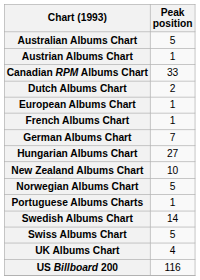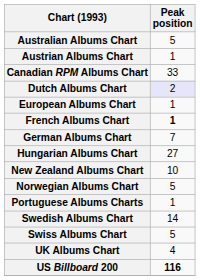 <table class="wikitable plainrowheaders sortable" style="text-align:center;" border="1">
 <tr>
 <th scope="col">Chart (1993)</th>
 <th scope="col">Peak<br>position</th>
 </tr>
 <tr>
 <th scope="row">Australian Albums Chart</th>
 <td>5</td>
 </tr>
 <tr>
 <th scope="row">Austrian Albums Chart</th>
 <td>1</td>
 </tr>
 <tr>
 <th scope="row">Canadian <em>RPM</em> Albums Chart</th>
 <td>33</td>
 </tr>
 <tr>
 <th scope="row">Dutch Albums Chart</th>
-<td>2</td>
+<td style="background: lavender;">2</td>
 </tr>
 <tr>
 <th scope="row">European Albums Chart</th>
 <td>1</td>
 </tr>
 <tr>
 <th scope="row">French Albums Chart</th>
-<td>1</td>
+<td><strong>1</strong></td>
 </tr>
 <tr>
 <th scope="row">German Albums Chart</th>
 <td>7</td>
 </tr>
 <tr>
 <th scope="row">Hungarian Albums Chart</th>
 <td>27</td>
 </tr>
 <tr>
 <th scope="row">New Zealand Albums Chart</th>
 <td>10</td>
 </tr>
 <tr>
 <th scope="row">Norwegian Albums Chart</th>
 <td>5</td>
 </tr>
 <tr>
 <th scope="row">Portuguese Albums Charts</th>
 <td style="text-align:center;">1</td>
 </tr>
 <tr>
 <th scope="row">Swedish Albums Chart</th>
 <td>14</td>
 </tr>
 <tr>
 <th scope="row">Swiss Albums Chart</th>
 <td>5</td>
 </tr>
 <tr>
 <th scope="row">UK Albums Chart</th>
 <td>4</td>
 </tr>
 <tr>
 <th scope="row">US <em>Billboard</em> 200</th>
-<td>116</td>
+<td><strong>116</strong></td>
 </tr>
 <tr>
 </tr>
 </table>
